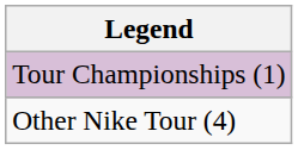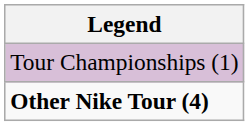 <table class="wikitable" style="font-size:95%;">
 <tr>
 <th>Legend</th>
 </tr>
 <tr style="background:thistle;">
 <td>Tour Championships (1)</td>
 </tr>
 <tr>
-<td>Other Nike Tour (4)</td>
+<td><strong>Other Nike Tour (4)</strong></td>
 </tr>
 </table>
